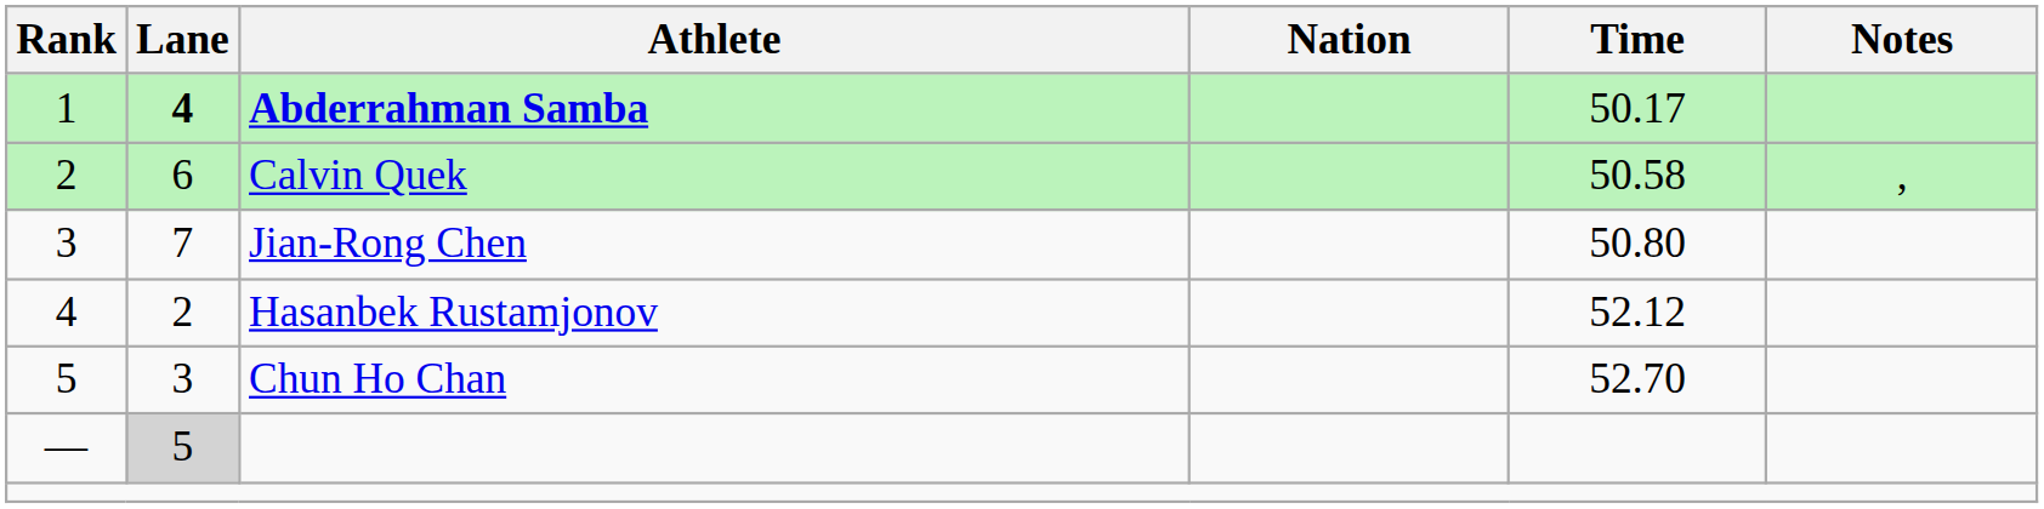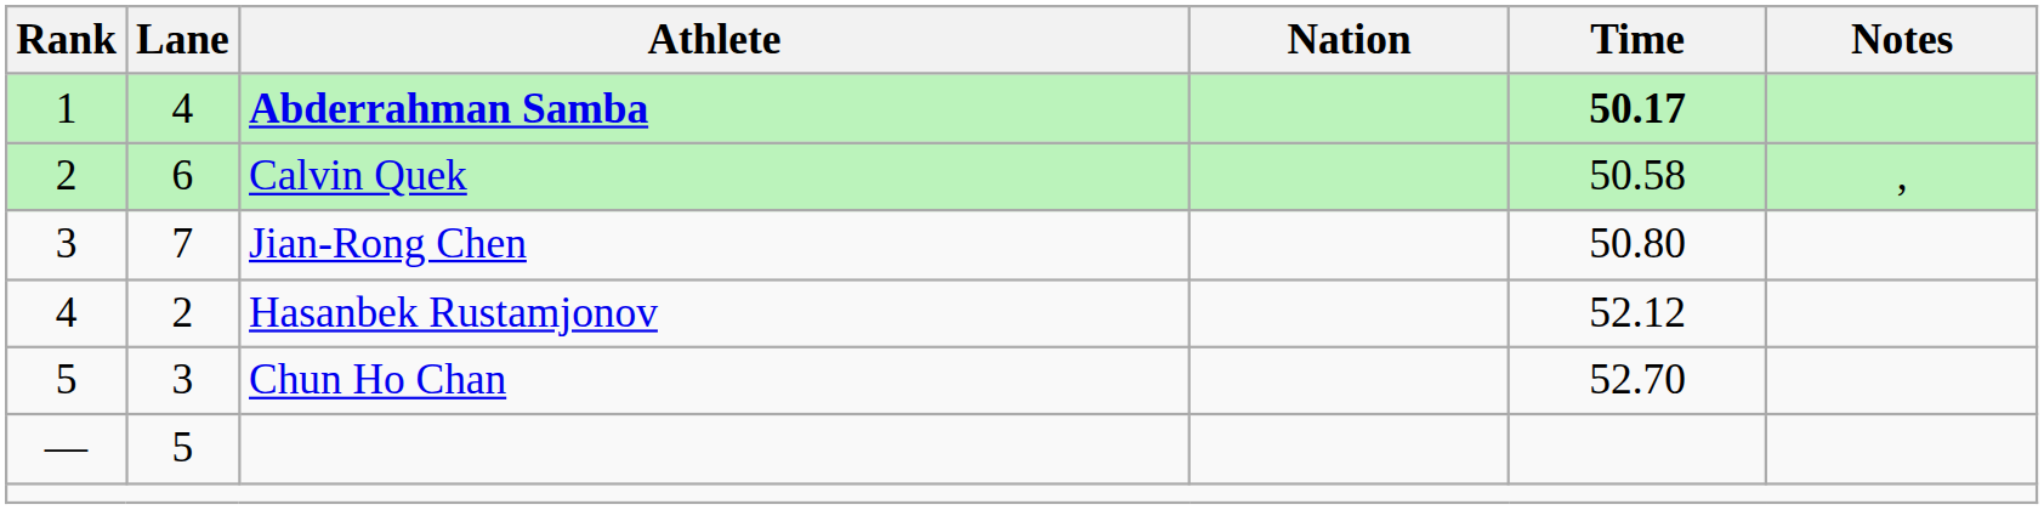 <table class="wikitable sortable" style="text-align:center;width: 60%;">
 <tr>
 <th scope="col" style="width: 10px;">Rank</th>
 <th scope="col" style="width: 10px;">Lane</th>
 <th scope="col">Athlete</th>
 <th scope="col">Nation</th>
 <th scope="col">Time</th>
 <th scope="col">Notes</th>
 </tr>
 <tr bgcolor=bbf3bb>
 <td>1</td>
-<td><strong>4</strong></td>
+<td>4</td>
 <td align="left"><strong><a href='#'>Abderrahman Samba</a></strong></td>
 <td align="left"></td>
-<td>50.17</td>
+<td><strong>50.17</strong></td>
 <td></td>
 </tr>
 <tr bgcolor=bbf3bb>
 <td>2</td>
 <td>6</td>
 <td align="left"><a href='#'>Calvin Quek</a></td>
 <td align="left"></td>
 <td>50.58</td>
 <td>, </td>
 </tr>
 <tr>
 <td>3</td>
 <td>7</td>
 <td align="left"><a href='#'>Jian-Rong Chen</a></td>
 <td align="left"></td>
 <td>50.80</td>
 <td></td>
 </tr>
 <tr>
 <td>4</td>
 <td>2</td>
 <td align="left"><a href='#'>Hasanbek Rustamjonov</a></td>
 <td align="left"></td>
 <td>52.12</td>
 <td></td>
 </tr>
 <tr>
 <td>5</td>
 <td>3</td>
 <td align="left"><a href='#'>Chun Ho Chan</a></td>
 <td align="left"></td>
 <td>52.70</td>
 <td></td>
 </tr>
 <tr>
 <td>—</td>
-<td style="background: lightgrey;">5</td>
+<td>5</td>
 <td align="left"></td>
 <td align="left"></td>
 <td></td>
 <td></td>
 </tr>
 <tr class="sortbottom">
 <td colspan="6"></td>
 </tr>
 </table>
